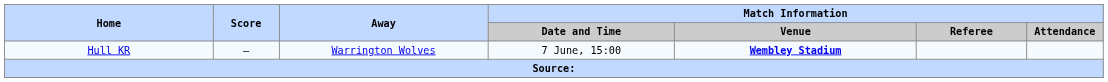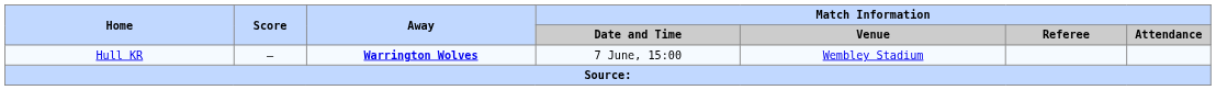 <table border=1 style="border-collapse:collapse; font-size:90%; text-align:center"; cellpadding=3 cellspacing=0 width=100%>
 <tr bgcolor="#c1d8ff">
 <th rowspan=2 width=19%>Home</th>
 <th rowspan=2 width=6%>Score</th>
 <th rowspan=2 width=19%>Away</th>
 <th colspan=4>Match Information</th>
 </tr>
 <tr bgcolor="#cccccc">
 <th width=17%>Date and Time</th>
 <th width=22%>Venue</th>
 <th width=10%>Referee</th>
 <th width=7%>Attendance</th>
 </tr>
 <tr bgcolor=#f5faff>
 <td><a href='#'>Hull KR</a></td>
 <td>–</td>
-<td><a href='#'>Warrington Wolves</a></td>
+<td><strong><a href='#'>Warrington Wolves</a></strong></td>
 <td>7 June, 15:00</td>
-<td><strong><a href='#'>Wembley Stadium</a></strong></td>
+<td><a href='#'>Wembley Stadium</a></td>
 <td></td>
 <td></td>
 </tr>
 <tr style="background:#c1d8ff;">
 <th colspan=7>Source:</th>
 </tr>
 </table>
